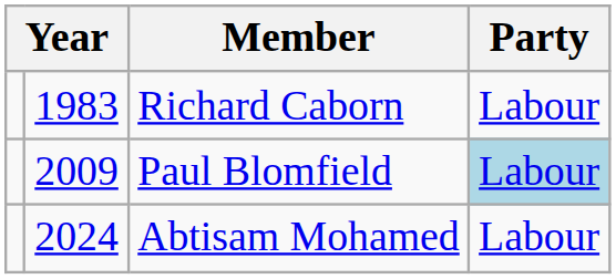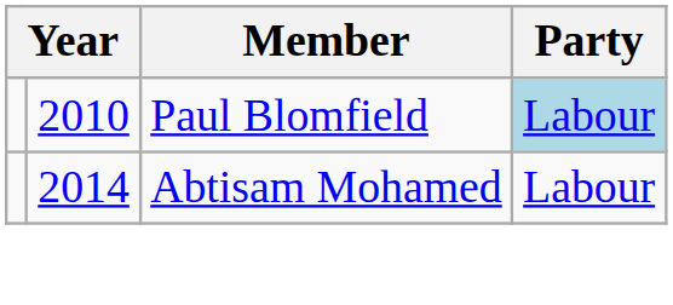 <table class="wikitable">
 <tr>
 <th colspan="2">Year</th>
 <th>Member</th>
 <th>Party</th>
 </tr>
 <tr>
 <td style="color:inherit;background-color: "></td>
-<td><a href='#'>1983</a></td>
-<td><a href='#'>Richard Caborn</a></td>
-<td><a href='#'>Labour</a></td>
-</tr>
-<tr>
-<td style="color:inherit;background-color: "></td>
-<td><a href='#'>2009</a></td>
+<td><a href='#'>2010</a></td>
 <td><a href='#'>Paul Blomfield</a></td>
 <td style="background: lightblue;"><a href='#'>Labour</a></td>
 </tr>
 <tr>
 <td style="color:inherit;background-color: "></td>
-<td><a href='#'>2024</a></td>
+<td><a href='#'>2014</a></td>
 <td><a href='#'>Abtisam Mohamed</a></td>
 <td><a href='#'>Labour</a></td>
 </tr>
 </table>
